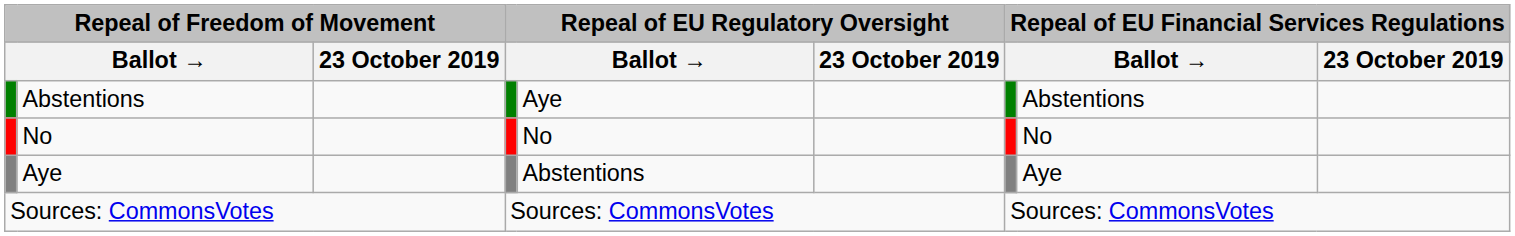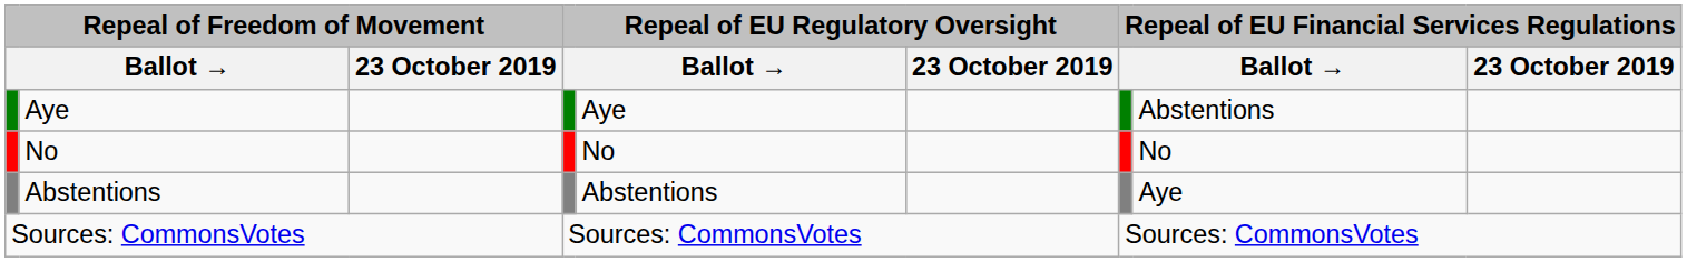 <table class="wikitable" style="text-align:center; font-size:98%;">
 <tr>
 <td colspan="3"  style="text-align:center; background:silver;"><strong>Repeal of Freedom of Movement</strong></td>
 <td colspan="3"  style="text-align:center; background:silver;"><strong>Repeal of EU Regulatory Oversight </strong></td>
 <td colspan="3"  style="text-align:center; background:silver;"><strong>Repeal of EU Financial Services Regulations</strong></td>
 </tr>
 <tr>
 <th colspan="2" style="width:200px;">Ballot →</th>
 <th>23 October 2019</th>
 <th colspan="2" style="width:200px;">Ballot →</th>
 <th>23 October 2019</th>
 <th colspan="2" style="width:200px;">Ballot →</th>
 <th>23 October 2019</th>
 </tr>
 <tr>
 <th style="width:1px; background:green;"></th>
-<td style="text-align:left;">Abstentions</td>
+<td style="text-align:left;">Aye</td>
 <td></td>
 <th style="width:1px; background:green;"></th>
 <td style="text-align:left;">Aye</td>
 <td></td>
 <th style="width:1px; background:green;"></th>
 <td style="text-align:left;">Abstentions</td>
 <td></td>
 </tr>
 <tr>
 <th style="background:red;"></th>
 <td style="text-align:left;">No</td>
 <td></td>
 <th style="background:red;"></th>
 <td style="text-align:left;">No</td>
 <td></td>
 <th style="background:red;"></th>
 <td style="text-align:left;">No</td>
 <td></td>
 </tr>
 <tr>
 <th style="background:gray;"></th>
-<td style="text-align:left;">Aye</td>
+<td style="text-align:left;">Abstentions</td>
 <td></td>
 <th style="background:gray;"></th>
 <td style="text-align:left;">Abstentions</td>
 <td></td>
 <th style="background:gray;"></th>
 <td style="text-align:left;">Aye</td>
 <td></td>
 </tr>
 <tr>
 <td colspan="3" style="text-align:left;">Sources: <a href='#'>CommonsVotes</a></td>
 <td colspan="3" style="text-align:left;">Sources: <a href='#'>CommonsVotes</a></td>
 <td colspan="3" style="text-align:left;">Sources: <a href='#'>CommonsVotes</a></td>
 </tr>
 </table>
